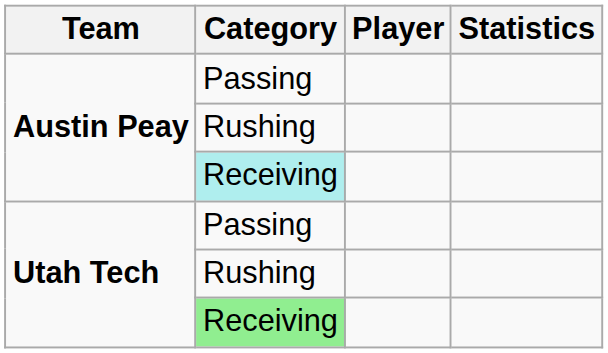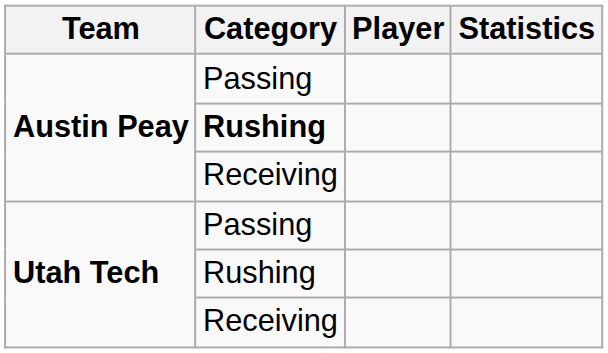 <table class="wikitable" style="float: right;">
 <tr>
 <th>Team</th>
 <th>Category</th>
 <th>Player</th>
 <th>Statistics</th>
 </tr>
 <tr>
 <td rowspan=3><strong>Austin Peay</strong></td>
 <td>Passing</td>
 <td></td>
 <td></td>
 </tr>
 <tr>
-<td>Rushing</td>
+<td><strong>Rushing</strong></td>
 <td></td>
 <td></td>
 </tr>
 <tr>
-<td style="background: paleturquoise;">Receiving</td>
+<td>Receiving</td>
 <td></td>
 <td></td>
 </tr>
 <tr>
 <td rowspan=3><strong>Utah Tech</strong></td>
 <td>Passing</td>
 <td></td>
 <td></td>
 </tr>
 <tr>
 <td>Rushing</td>
 <td></td>
 <td></td>
 </tr>
 <tr>
-<td style="background: lightgreen;">Receiving</td>
+<td>Receiving</td>
 <td></td>
 <td></td>
 </tr>
 </table>
